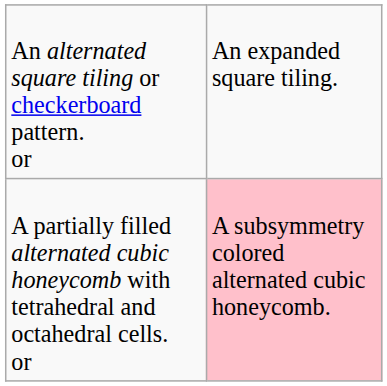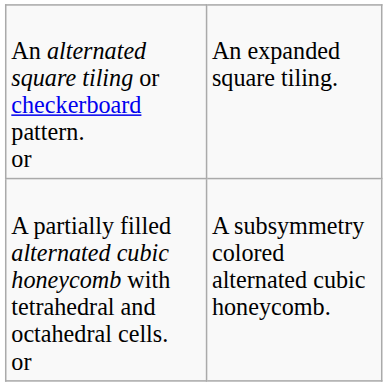 <table align=right class="wikitable" width=250>
 <tr>
 <td valign=top><br>An <em>alternated square tiling</em> or <a href='#'>checkerboard</a> pattern.<br> or </td>
 <td valign=top><br>An expanded square tiling.<br></td>
 </tr>
 <tr>
 <td valign=top><br>A partially filled <em>alternated cubic honeycomb</em> with tetrahedral and octahedral cells.<br> or </td>
-<td valign=top style="background: pink;"><br>A subsymmetry colored alternated cubic honeycomb.<br></td>
+<td valign=top><br>A subsymmetry colored alternated cubic honeycomb.<br></td>
 </tr>
 </table>
